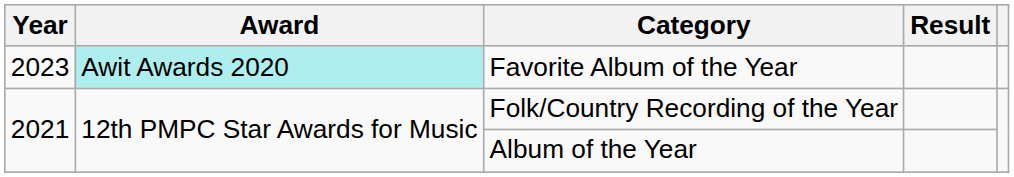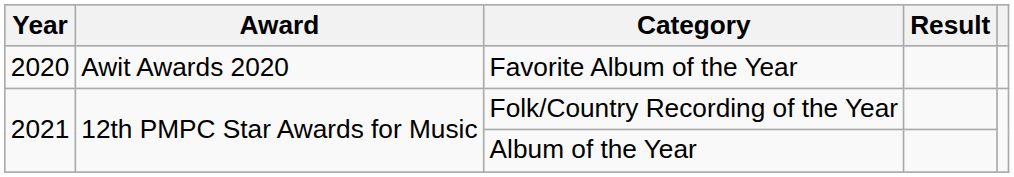 <table class="wikitable">
 <tr>
 <th>Year</th>
 <th>Award</th>
 <th>Category</th>
 <th>Result</th>
 <th></th>
 </tr>
 <tr>
-<td>2023</td>
-<td style="background: paleturquoise;">Awit Awards 2020</td>
+<td>2020</td>
+<td>Awit Awards 2020</td>
 <td>Favorite Album of the Year</td>
 <td></td>
 <td></td>
 </tr>
 <tr>
 <td rowspan="2">2021</td>
 <td rowspan="2">12th PMPC Star Awards for Music</td>
 <td>Folk/Country Recording of the Year </td>
 <td></td>
 <td rowspan="2"></td>
 </tr>
 <tr>
 <td>Album of the Year</td>
 <td></td>
 </tr>
 </table>
